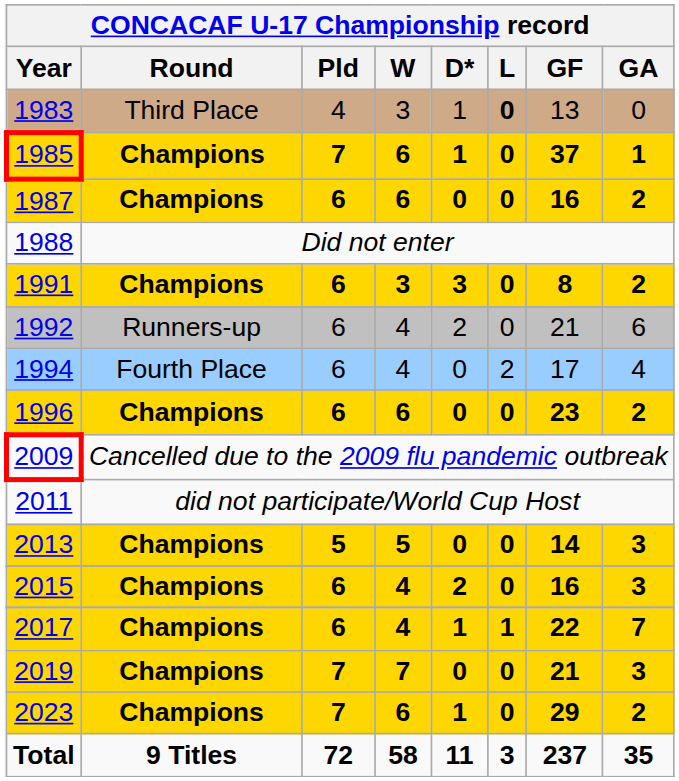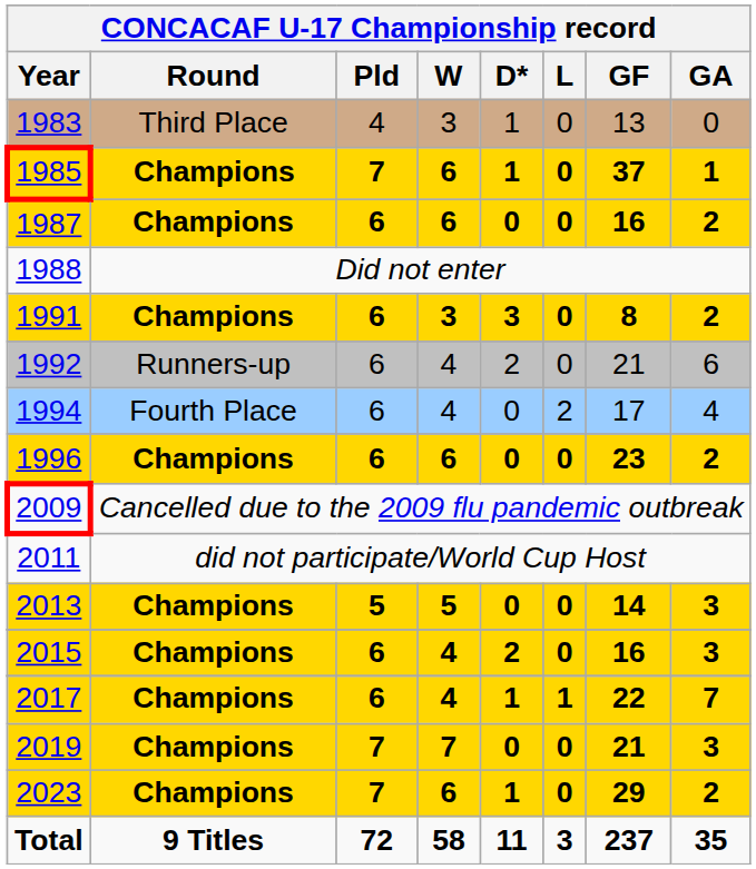 <table class="wikitable" style="text-align: center;">
 <tr>
 <th colspan=10><a href='#'>CONCACAF U-17 Championship</a> record</th>
 </tr>
 <tr>
 <th>Year</th>
 <th>Round</th>
 <th>Pld</th>
 <th>W</th>
 <th>D*</th>
 <th>L</th>
 <th>GF</th>
 <th>GA</th>
 </tr>
 <tr bgcolor=#cfaa88>
 <td> <a href='#'>1983</a></td>
 <td>Third Place</td>
 <td>4</td>
 <td>3</td>
 <td>1</td>
-<td><strong>0</strong></td>
+<td>0</td>
 <td>13</td>
 <td>0</td>
 </tr>
 <tr bgcolor="gold">
 <td style="border: 3px solid red"> <a href='#'>1985</a></td>
 <td><strong>Champions</strong></td>
 <td><strong>7</strong></td>
 <td><strong>6</strong></td>
 <td><strong>1</strong></td>
 <td><strong>0</strong></td>
 <td><strong>37</strong></td>
 <td><strong>1</strong></td>
 </tr>
 <tr bgcolor="gold">
 <td> <a href='#'>1987</a></td>
 <td><strong>Champions</strong></td>
 <td><strong>6</strong></td>
 <td><strong>6</strong></td>
 <td><strong>0</strong></td>
 <td><strong>0</strong></td>
 <td><strong>16</strong></td>
 <td><strong>2</strong></td>
 </tr>
 <tr>
 <td> <a href='#'>1988</a></td>
 <td colspan=8 style="text-align:center;"><em>Did not enter</em></td>
 </tr>
 <tr bgcolor="gold">
 <td> <a href='#'>1991</a></td>
 <td><strong>Champions</strong></td>
 <td><strong>6</strong></td>
 <td><strong>3</strong></td>
 <td><strong>3</strong></td>
 <td><strong>0</strong></td>
 <td><strong>8</strong></td>
 <td><strong>2</strong></td>
 </tr>
 <tr bgcolor="silver">
 <td> <a href='#'>1992</a></td>
 <td>Runners-up</td>
 <td>6</td>
 <td>4</td>
 <td>2</td>
 <td>0</td>
 <td>21</td>
 <td>6</td>
 </tr>
 <tr bgcolor=#9acdff>
 <td> <a href='#'>1994</a></td>
 <td>Fourth Place</td>
 <td>6</td>
 <td>4</td>
 <td>0</td>
 <td>2</td>
 <td>17</td>
 <td>4</td>
 </tr>
 <tr bgcolor="gold">
 <td> <a href='#'>1996</a></td>
 <td><strong>Champions</strong></td>
 <td><strong>6</strong></td>
 <td><strong>6</strong></td>
 <td><strong>0</strong></td>
 <td><strong>0</strong></td>
 <td><strong>23</strong></td>
 <td><strong>2</strong></td>
 </tr>
 <tr>
 <td style="border: 3px solid red"> <a href='#'>2009</a></td>
 <td colspan=8 style="text-align:center;"><em>Cancelled due to the <a href='#'>2009 flu pandemic</a> outbreak</em></td>
 </tr>
 <tr>
 <td> <a href='#'>2011</a></td>
 <td colspan=8 style="text-align:center;"><em>did not participate/World Cup Host</em></td>
 </tr>
 <tr bgcolor="gold">
 <td> <a href='#'>2013</a></td>
 <td><strong>Champions</strong></td>
 <td><strong>5</strong></td>
 <td><strong>5</strong></td>
 <td><strong>0</strong></td>
 <td><strong>0</strong></td>
 <td><strong>14</strong></td>
 <td><strong>3</strong></td>
 </tr>
 <tr>
 </tr>
 <tr bgcolor="gold">
 <td> <a href='#'>2015</a></td>
 <td><strong>Champions</strong></td>
 <td><strong>6</strong></td>
 <td><strong>4</strong></td>
 <td><strong>2</strong></td>
 <td><strong>0</strong></td>
 <td><strong>16</strong></td>
 <td><strong>3</strong></td>
 </tr>
 <tr>
 </tr>
 <tr bgcolor="gold">
 <td> <a href='#'>2017</a></td>
 <td><strong>Champions</strong></td>
 <td><strong>6</strong></td>
 <td><strong>4</strong></td>
 <td><strong>1</strong></td>
 <td><strong>1</strong></td>
 <td><strong>22</strong></td>
 <td><strong>7</strong></td>
 </tr>
 <tr bgcolor="gold">
 <td> <a href='#'>2019</a></td>
 <td><strong>Champions</strong></td>
 <td><strong>7</strong></td>
 <td><strong>7</strong></td>
 <td><strong>0</strong></td>
 <td><strong>0</strong></td>
 <td><strong>21</strong></td>
 <td><strong>3</strong></td>
 </tr>
 <tr bgcolor="gold">
 <td> <a href='#'>2023</a></td>
 <td><strong>Champions</strong></td>
 <td><strong>7</strong></td>
 <td><strong>6</strong></td>
 <td><strong>1</strong></td>
 <td><strong>0</strong></td>
 <td><strong>29</strong></td>
 <td><strong>2</strong></td>
 </tr>
 <tr>
 <td><strong>Total</strong></td>
 <td><strong>9 Titles</strong></td>
 <td><strong>72</strong></td>
 <td><strong>58</strong></td>
 <td><strong>11</strong></td>
 <td><strong>3</strong></td>
 <td><strong>237</strong></td>
 <td><strong>35</strong></td>
 </tr>
 </table>
